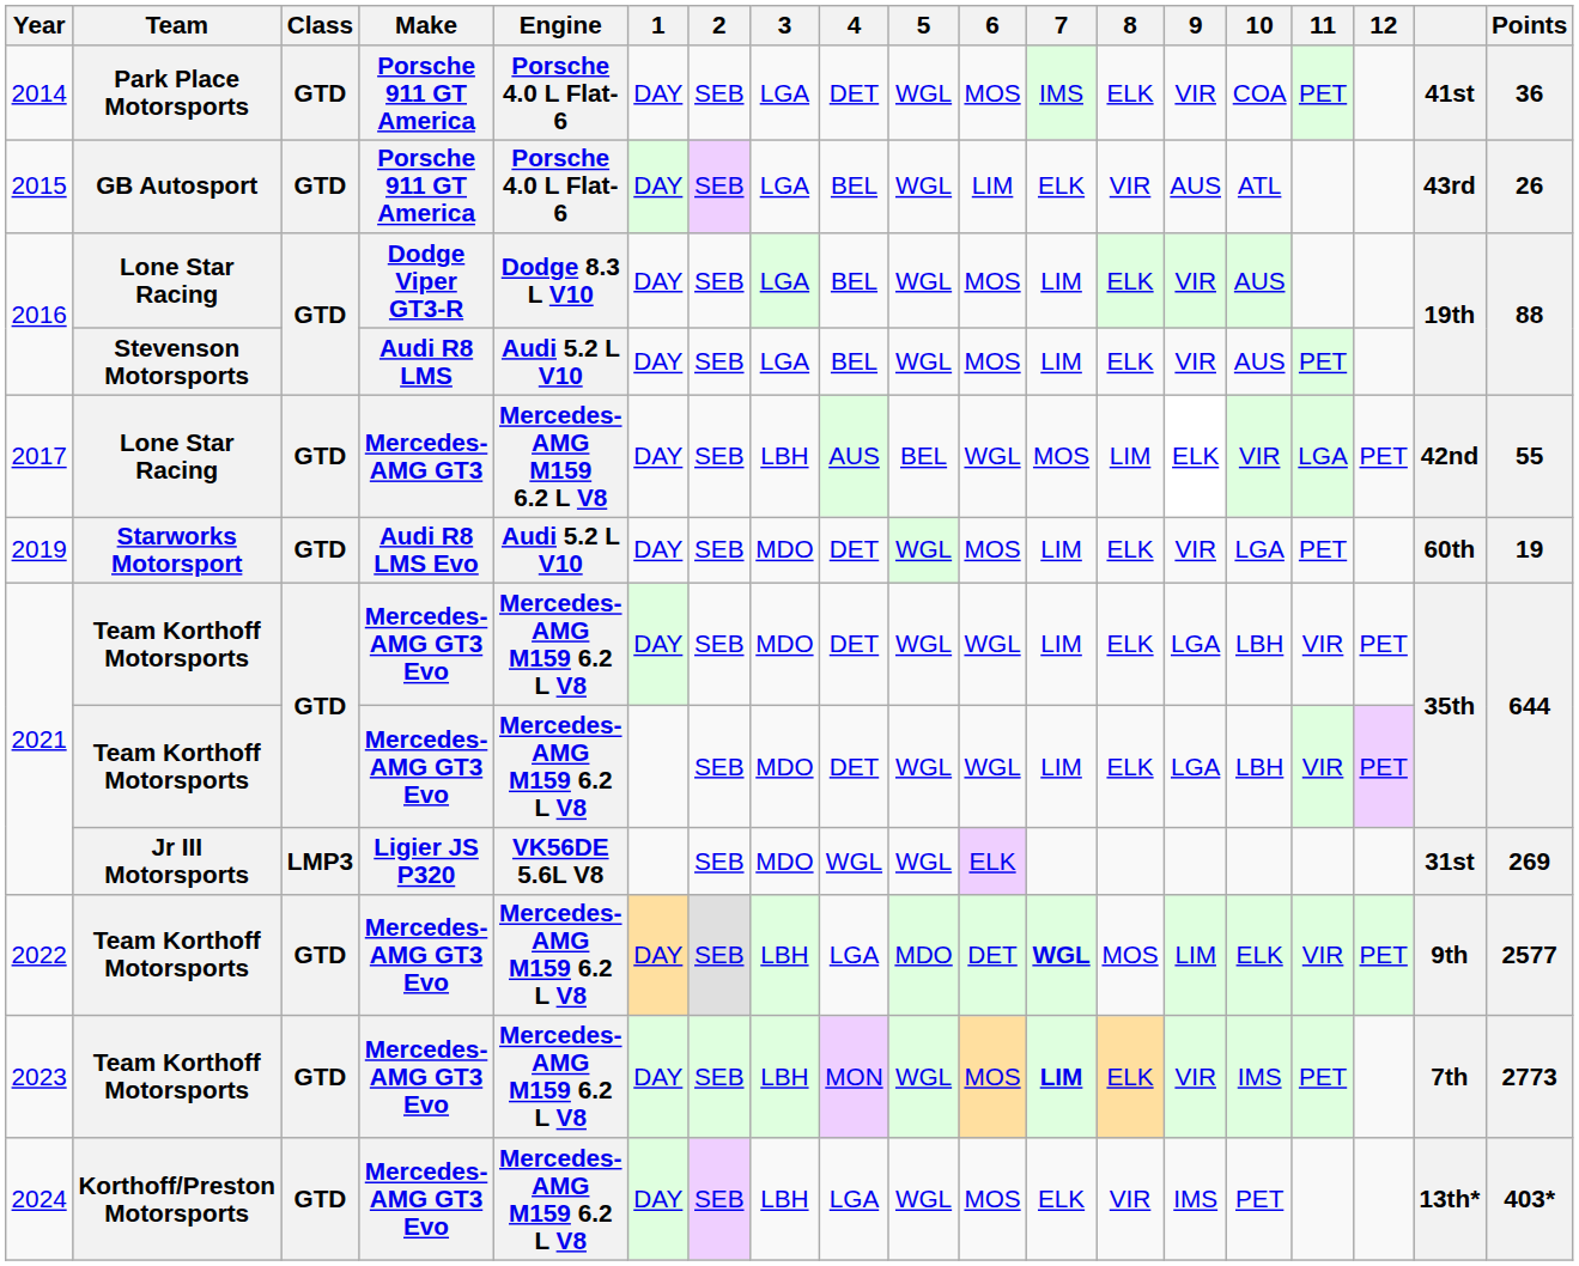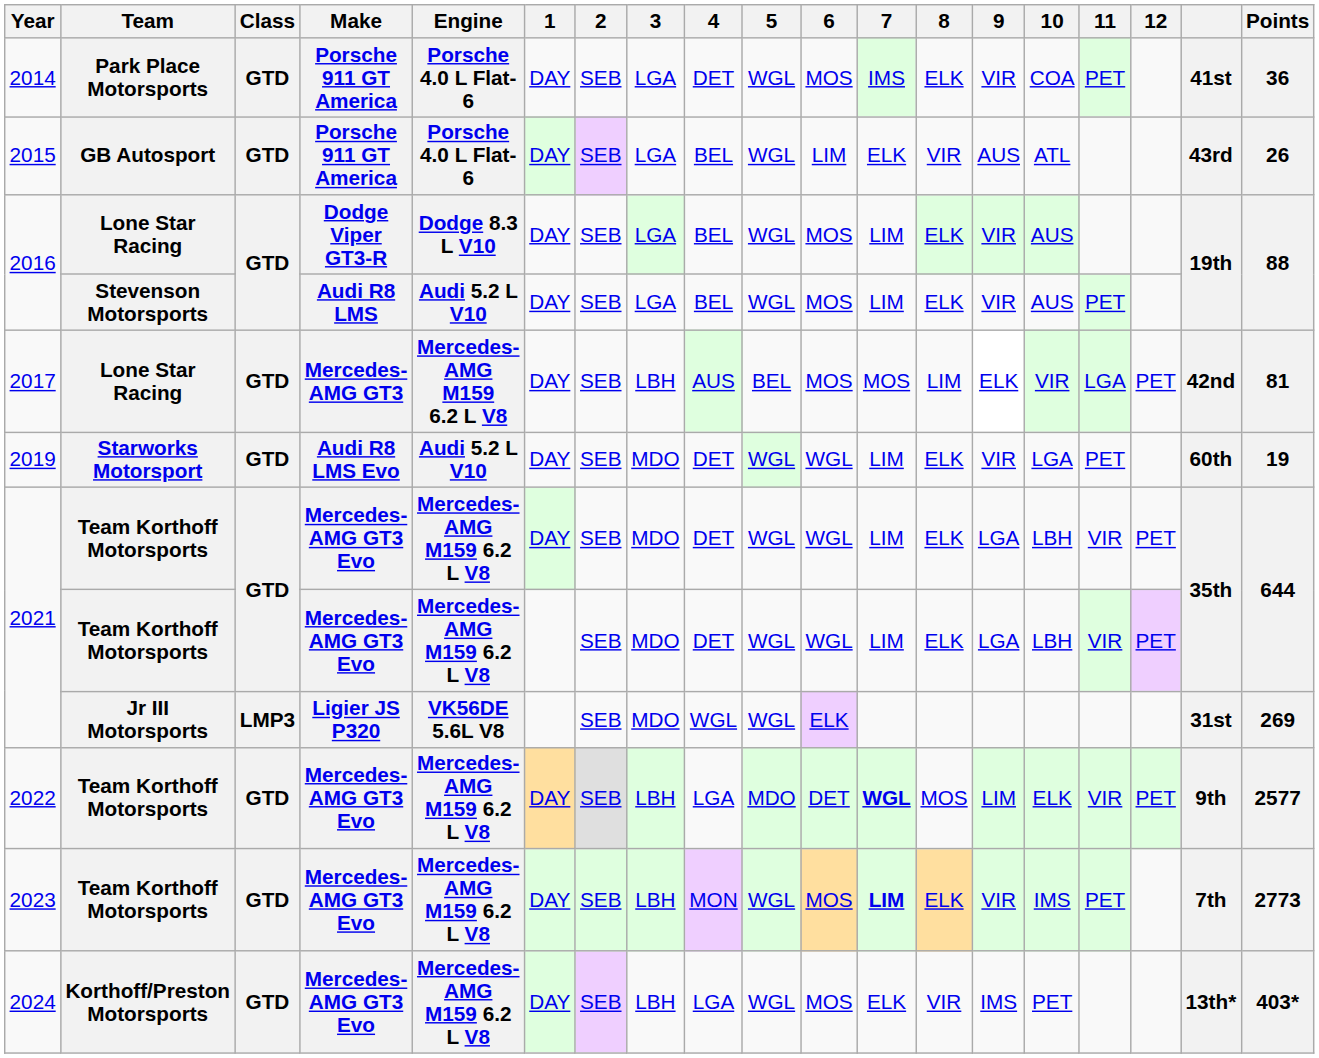 <table class="wikitable" style="text-align:center; font-size:90%">
 <tr>
 <th>Year</th>
 <th>Team</th>
 <th>Class</th>
 <th>Make</th>
 <th>Engine</th>
 <th>1</th>
 <th>2</th>
 <th>3</th>
 <th>4</th>
 <th>5</th>
 <th>6</th>
 <th>7</th>
 <th>8</th>
 <th>9</th>
 <th>10</th>
 <th>11</th>
 <th>12</th>
 <th></th>
 <th>Points</th>
 </tr>
 <tr>
 <td><a href='#'>2014</a></td>
 <th>Park Place Motorsports</th>
 <th>GTD</th>
 <th><a href='#'>Porsche 911 GT America</a></th>
 <th><a href='#'>Porsche</a> 4.0 L Flat-6</th>
 <td style="background:#;”"><a href='#'>DAY</a><br></td>
 <td style="background:#;"><a href='#'>SEB</a> <br></td>
 <td style="background:#;"><a href='#'>LGA</a> <br></td>
 <td style="background:#;"><a href='#'>DET</a> <br></td>
 <td style="background:#;"><a href='#'>WGL</a> <br></td>
 <td style="background:#;"><a href='#'>MOS</a> <br></td>
 <td style="background:#dfffdf;"><a href='#'>IMS</a><br></td>
 <td style="background:#;"><a href='#'>ELK</a><br></td>
 <td style="background:#;"><a href='#'>VIR</a> <br></td>
 <td style="background:#;"><a href='#'>COA</a><br></td>
 <td style="background:#DFFFDF;"><a href='#'>PET</a><br></td>
 <td></td>
 <th>41st</th>
 <th>36</th>
 </tr>
 <tr>
 <td><a href='#'>2015</a></td>
 <th>GB Autosport</th>
 <th>GTD</th>
 <th><a href='#'>Porsche 911 GT America</a></th>
 <th><a href='#'>Porsche</a> 4.0 L Flat-6</th>
 <td style="background:#DFFFDF;"><a href='#'>DAY</a><br></td>
 <td style="background:#EFCFFF;"><a href='#'>SEB</a><br></td>
 <td style="background:#;”"><a href='#'>LGA</a><br></td>
 <td style="background:#;"><a href='#'>BEL</a><br></td>
 <td style="background:#;"><a href='#'>WGL</a><br></td>
 <td style="background:#;"><a href='#'>LIM</a><br></td>
 <td style="background:#;"><a href='#'>ELK</a><br></td>
 <td style="background:#;"><a href='#'>VIR</a><br></td>
 <td style="background:#;"><a href='#'>AUS</a><br></td>
 <td style="background:#;"><a href='#'>ATL</a><br></td>
 <td></td>
 <td></td>
 <th>43rd</th>
 <th>26</th>
 </tr>
 <tr>
 <td rowspan=2><a href='#'>2016</a></td>
 <th>Lone Star Racing</th>
 <th rowspan=2>GTD</th>
 <th><a href='#'>Dodge Viper GT3-R</a></th>
 <th><a href='#'>Dodge</a> 8.3 L <a href='#'>V10</a></th>
 <td style="background:#;"><a href='#'>DAY</a><br></td>
 <td style="background:#;"><a href='#'>SEB</a><br></td>
 <td style="background:#DFFFDF;"><a href='#'>LGA</a><br></td>
 <td style="background:#;"><a href='#'>BEL</a><br></td>
 <td style="background:#;"><a href='#'>WGL</a><br></td>
 <td style="background:#;"><a href='#'>MOS</a><br></td>
 <td style="background:#;"><a href='#'>LIM</a><br></td>
 <td style="background:#DFFFDF;"><a href='#'>ELK</a><br></td>
 <td style="background:#DFFFDF;"><a href='#'>VIR</a><br></td>
 <td style="background:#DFFFDF;"><a href='#'>AUS</a><br></td>
 <td></td>
 <td></td>
 <th rowspan=2>19th</th>
 <th rowspan=2>88</th>
 </tr>
 <tr>
 <th>Stevenson Motorsports</th>
 <th><a href='#'>Audi R8 LMS</a></th>
 <th><a href='#'>Audi</a> 5.2 L <a href='#'>V10</a></th>
 <td style="background:#;"><a href='#'>DAY</a><br></td>
 <td style="background:#;"><a href='#'>SEB</a><br></td>
 <td style="background:#;"><a href='#'>LGA</a><br></td>
 <td style="background:#;"><a href='#'>BEL</a><br></td>
 <td style="background:#;"><a href='#'>WGL</a><br></td>
 <td style="background:#;"><a href='#'>MOS</a><br></td>
 <td style="background:#;"><a href='#'>LIM</a><br></td>
 <td style="background:#;"><a href='#'>ELK</a><br></td>
 <td style="background:#;"><a href='#'>VIR</a><br></td>
 <td style="background:#;"><a href='#'>AUS</a><br></td>
 <td style="background:#DFFFDF;"><a href='#'>PET</a><br></td>
 </tr>
 <tr>
 <td><a href='#'>2017</a></td>
 <th>Lone Star Racing</th>
 <th>GTD</th>
 <th><a href='#'>Mercedes-AMG GT3</a></th>
 <th><a href='#'>Mercedes-AMG</a> <a href='#'>M159</a> 6.2 L <a href='#'>V8</a></th>
 <td style="background:#;"><a href='#'>DAY</a><br></td>
 <td style="background:#;"><a href='#'>SEB</a><br></td>
 <td style="background:#;"><a href='#'>LBH</a><br></td>
 <td style="background:#DFFFDF;"><a href='#'>AUS</a><br></td>
 <td style="background:#;"><a href='#'>BEL</a><br></td>
-<td style="background:#;"><a href='#'>WGL</a><br></td>
+<td style="background:#;"><a href='#'>MOS</a><br></td>
 <td style="background:#;"><a href='#'>MOS</a><br></td>
 <td style="background:#;"><a href='#'>LIM</a><br></td>
 <td style="background:#ffffff;"><a href='#'>ELK</a><br></td>
 <td style="background:#DFFFDF;"><a href='#'>VIR</a><br></td>
 <td style="background:#DFFFDF;"><a href='#'>LGA</a><br></td>
 <td style="background:#;"><a href='#'>PET</a><br></td>
 <th>42nd</th>
-<th>55</th>
+<th>81</th>
 </tr>
 <tr>
 <td><a href='#'>2019</a></td>
 <th><a href='#'>Starworks Motorsport</a></th>
 <th>GTD</th>
 <th><a href='#'>Audi R8 LMS Evo</a></th>
 <th><a href='#'>Audi</a> 5.2 L <a href='#'>V10</a></th>
 <td style="background:#;"><a href='#'>DAY</a><br></td>
 <td style="background:#;"><a href='#'>SEB</a><br></td>
 <td style="background:#;"><a href='#'>MDO</a><br></td>
 <td style="background:#;"><a href='#'>DET</a><br></td>
 <td style="background:#DFFFDF;"><a href='#'>WGL</a><br></td>
-<td style="background:#;"><a href='#'>MOS</a><br></td>
+<td style="background:#;"><a href='#'>WGL</a><br></td>
 <td style="background:#;"><a href='#'>LIM</a><br></td>
 <td style="background:#;"><a href='#'>ELK</a><br></td>
 <td style="background:#;"><a href='#'>VIR</a><br></td>
 <td style="background:#;"><a href='#'>LGA</a><br></td>
 <td style="background:#;"><a href='#'>PET</a><br></td>
 <td></td>
 <th>60th</th>
 <th>19</th>
 </tr>
 <tr>
 <td rowspan=3><a href='#'>2021</a></td>
 <th>Team Korthoff Motorsports</th>
 <th rowspan=2>GTD</th>
 <th><a href='#'>Mercedes-AMG GT3 Evo</a></th>
 <th><a href='#'>Mercedes-AMG M159</a> 6.2 L <a href='#'>V8</a></th>
 <td style="background:#DFFFDF;"><a href='#'>DAY</a><br></td>
 <td style="background:#;"><a href='#'>SEB</a><br></td>
 <td style="background:#;"><a href='#'>MDO</a><br></td>
 <td style="background:#;"><a href='#'>DET</a><br></td>
 <td style="background:#;"><a href='#'>WGL</a><br></td>
 <td style="background:#;"><a href='#'>WGL</a><br></td>
 <td style="background:#;"><a href='#'>LIM</a><br></td>
 <td style="background:#;"><a href='#'>ELK</a><br></td>
 <td style="background:#;"><a href='#'>LGA</a><br></td>
 <td style="background:#;"><a href='#'>LBH</a><br></td>
 <td style="background:#;"><a href='#'>VIR</a><br></td>
 <td style="background:#;"><a href='#'>PET</a><br></td>
 <th rowspan=2>35th</th>
 <th rowspan=2>644</th>
 </tr>
 <tr>
 <th>Team Korthoff Motorsports</th>
 <th><a href='#'>Mercedes-AMG GT3 Evo</a></th>
 <th><a href='#'>Mercedes-AMG M159</a> 6.2 L <a href='#'>V8</a></th>
 <td></td>
 <td style="background:#;"><a href='#'>SEB</a><br></td>
 <td style="background:#;"><a href='#'>MDO</a><br></td>
 <td style="background:#;"><a href='#'>DET</a><br></td>
 <td style="background:#;"><a href='#'>WGL</a><br></td>
 <td style="background:#;"><a href='#'>WGL</a><br></td>
 <td style="background:#;"><a href='#'>LIM</a><br></td>
 <td style="background:#;"><a href='#'>ELK</a><br></td>
 <td style="background:#;"><a href='#'>LGA</a><br></td>
 <td style="background:#;"><a href='#'>LBH</a><br></td>
 <td style="background:#DFFFDF;"><a href='#'>VIR</a><br></td>
 <td style="background:#EFCFFF;"><a href='#'>PET</a><br></td>
 </tr>
 <tr>
 <th>Jr III Motorsports</th>
 <th>LMP3</th>
 <th><a href='#'>Ligier JS P320</a></th>
 <th><a href='#'>VK56DE</a> 5.6L V8</th>
 <td></td>
 <td style="background:#;"><a href='#'>SEB</a><br></td>
 <td style="background:#;"><a href='#'>MDO</a><br></td>
 <td style="background:#;"><a href='#'>WGL</a><br></td>
 <td style="background:#;"><a href='#'>WGL</a><br></td>
 <td style="background:#EFCFFF;"><a href='#'>ELK</a><br></td>
 <td></td>
 <td></td>
 <td></td>
 <td></td>
 <td></td>
 <td></td>
 <th>31st</th>
 <th>269</th>
 </tr>
 <tr>
 <td><a href='#'>2022</a></td>
 <th>Team Korthoff Motorsports</th>
 <th>GTD</th>
 <th><a href='#'>Mercedes-AMG GT3 Evo</a></th>
 <th><a href='#'>Mercedes-AMG M159</a> 6.2 L <a href='#'>V8</a></th>
 <td style="background:#ffdf9f;"><a href='#'>DAY</a><br></td>
 <td style="background:#dfdfdf;"><a href='#'>SEB</a><br></td>
 <td style="background:#dfffdf;"><a href='#'>LBH</a><br></td>
 <td style="background:#;”"><a href='#'>LGA</a><br></td>
 <td style="background:#dfffdf;"><a href='#'>MDO</a><br></td>
 <td style="background:#dfffdf;"><a href='#'>DET</a><br></td>
 <td style="background:#dfffdf;"><strong><a href='#'>WGL</a></strong><br></td>
 <td><a href='#'>MOS</a></td>
 <td style="background:#dfffdf;"><a href='#'>LIM</a><br></td>
 <td style="background:#dfffdf;"><a href='#'>ELK</a><br></td>
 <td style="background:#dfffdf;"><a href='#'>VIR</a><br></td>
 <td style="background:#dfffdf;"><a href='#'>PET</a><br></td>
 <th>9th</th>
 <th>2577</th>
 </tr>
 <tr>
 <td><a href='#'>2023</a></td>
 <th>Team Korthoff Motorsports</th>
 <th>GTD</th>
 <th><a href='#'>Mercedes-AMG GT3 Evo</a></th>
 <th><a href='#'>Mercedes-AMG M159</a> 6.2 L <a href='#'>V8</a></th>
 <td style="background:#DFFFDF;"><a href='#'>DAY</a><br></td>
 <td style="background:#DFFFDF;"><a href='#'>SEB</a><br></td>
 <td style="background:#DFFFDF;"><a href='#'>LBH</a><br></td>
 <td style="background:#EFCFFF;"><a href='#'>MON</a><br></td>
 <td style="background:#DFFFDF;"><a href='#'>WGL</a><br></td>
 <td style="background:#FFDF9F;”"><a href='#'>MOS</a><br></td>
 <td style="background:#DFFFDF;"><strong><a href='#'>LIM</a><br></strong></td>
 <td style="background:#FFDF9F;”"><a href='#'>ELK</a><br></td>
 <td style="background:#DFFFDF;”"><a href='#'>VIR</a><br></td>
 <td style="background:#DFFFDF;”"><a href='#'>IMS</a><br></td>
 <td style="background:#DFFFDF;”"><a href='#'>PET</a><br></td>
 <td></td>
 <th>7th</th>
 <th>2773</th>
 </tr>
 <tr>
 <td><a href='#'>2024</a></td>
 <th>Korthoff/Preston Motorsports</th>
 <th>GTD</th>
 <th><a href='#'>Mercedes-AMG GT3 Evo</a></th>
 <th><a href='#'>Mercedes-AMG M159</a> 6.2 L <a href='#'>V8</a></th>
 <td style="background:#DFFFDF;”"><a href='#'>DAY</a><br></td>
 <td style="background:#EFCFFF;”"><a href='#'>SEB</a><br></td>
 <td style="background:#;”"><a href='#'>LBH</a></td>
 <td style="background:#;”"><a href='#'>LGA</a></td>
 <td style="background:#;”"><a href='#'>WGL</a></td>
 <td style="background:#;”"><a href='#'>MOS</a></td>
 <td style="background:#;”"><a href='#'>ELK</a></td>
 <td style="background:#;”"><a href='#'>VIR</a></td>
 <td style="background:#;”"><a href='#'>IMS</a></td>
 <td style="background:#;”"><a href='#'>PET</a></td>
 <td></td>
 <td></td>
 <th>13th*</th>
 <th>403*</th>
 </tr>
 </table>
